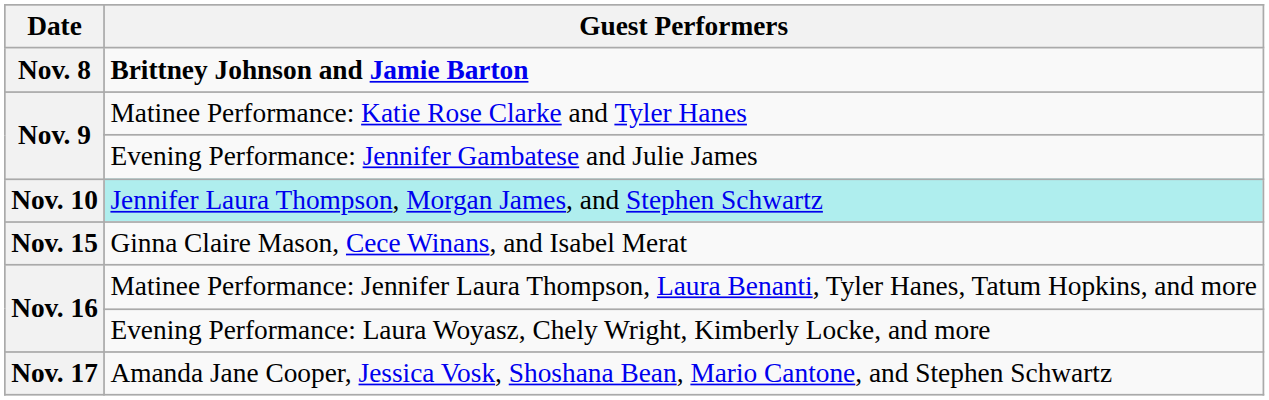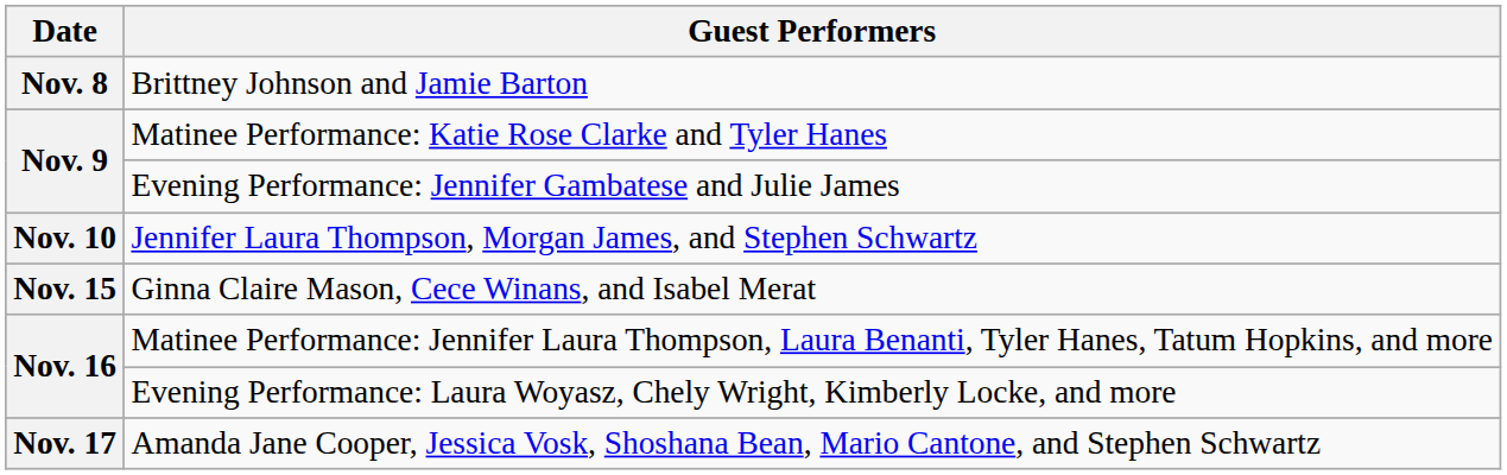 <table class="wikitable">
 <tr>
 <th>Date</th>
 <th>Guest Performers</th>
 </tr>
 <tr>
 <th>Nov. 8</th>
-<td><strong>Brittney Johnson and <a href='#'>Jamie Barton</a></strong></td>
+<td>Brittney Johnson and <a href='#'>Jamie Barton</a></td>
 </tr>
 <tr>
 <th rowspan="2">Nov. 9</th>
 <td>Matinee Performance: <a href='#'>Katie Rose Clarke</a> and <a href='#'>Tyler Hanes</a></td>
 </tr>
 <tr>
 <td>Evening Performance: <a href='#'>Jennifer Gambatese</a> and Julie James</td>
 </tr>
 <tr>
 <th>Nov. 10</th>
-<td style="background: paleturquoise;"><a href='#'>Jennifer Laura Thompson</a>, <a href='#'>Morgan James</a>, and <a href='#'>Stephen Schwartz</a></td>
+<td><a href='#'>Jennifer Laura Thompson</a>, <a href='#'>Morgan James</a>, and <a href='#'>Stephen Schwartz</a></td>
 </tr>
 <tr>
 <th>Nov. 15</th>
 <td>Ginna Claire Mason, <a href='#'>Cece Winans</a>, and Isabel Merat</td>
 </tr>
 <tr>
 <th rowspan="2">Nov. 16</th>
 <td>Matinee Performance: Jennifer Laura Thompson, <a href='#'>Laura Benanti</a>, Tyler Hanes, Tatum Hopkins, and more</td>
 </tr>
 <tr>
 <td>Evening Performance: Laura Woyasz, Chely Wright, Kimberly Locke, and more</td>
 </tr>
 <tr>
 <th>Nov. 17</th>
 <td>Amanda Jane Cooper, <a href='#'>Jessica Vosk</a>, <a href='#'>Shoshana Bean</a>, <a href='#'>Mario Cantone</a>, and Stephen Schwartz</td>
 </tr>
 </table>
